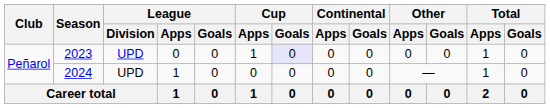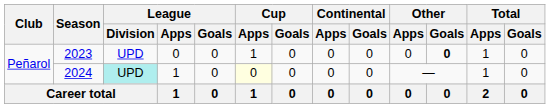 <table class="wikitable" style="text-align: center;">
 <tr>
 <th rowspan="2">Club</th>
 <th rowspan="2">Season</th>
 <th colspan="3">League</th>
 <th colspan="2">Cup</th>
 <th colspan="2">Continental</th>
 <th colspan="2">Other</th>
 <th colspan="2">Total</th>
 </tr>
 <tr>
 <th>Division</th>
 <th>Apps</th>
 <th>Goals</th>
 <th>Apps</th>
 <th>Goals</th>
 <th>Apps</th>
 <th>Goals</th>
 <th>Apps</th>
 <th>Goals</th>
 <th>Apps</th>
 <th>Goals</th>
 </tr>
 <tr>
 <td rowspan="2"><a href='#'>Peñarol</a></td>
 <td><a href='#'>2023</a></td>
 <td><a href='#'>UPD</a></td>
 <td>0</td>
 <td>0</td>
 <td>1</td>
-<td style="background: lavender;">0</td>
 <td>0</td>
 <td>0</td>
 <td>0</td>
 <td>0</td>
+<td><strong>0</strong></td>
 <td>1</td>
 <td>0</td>
 </tr>
 <tr>
 <td><a href='#'>2024</a></td>
-<td>UPD</td>
+<td style="background: paleturquoise;">UPD</td>
 <td>1</td>
 <td>0</td>
-<td>0</td>
+<td style="background: lightyellow;">0</td>
 <td>0</td>
 <td>0</td>
 <td>0</td>
 <td colspan="2">—</td>
 <td>1</td>
 <td>0</td>
 </tr>
 <tr>
 <th colspan=3>Career total</th>
 <th>1</th>
 <th>0</th>
 <th>1</th>
 <th>0</th>
 <th>0</th>
 <th>0</th>
 <th>0</th>
 <th>0</th>
 <th>2</th>
 <th>0</th>
 </tr>
 </table>
